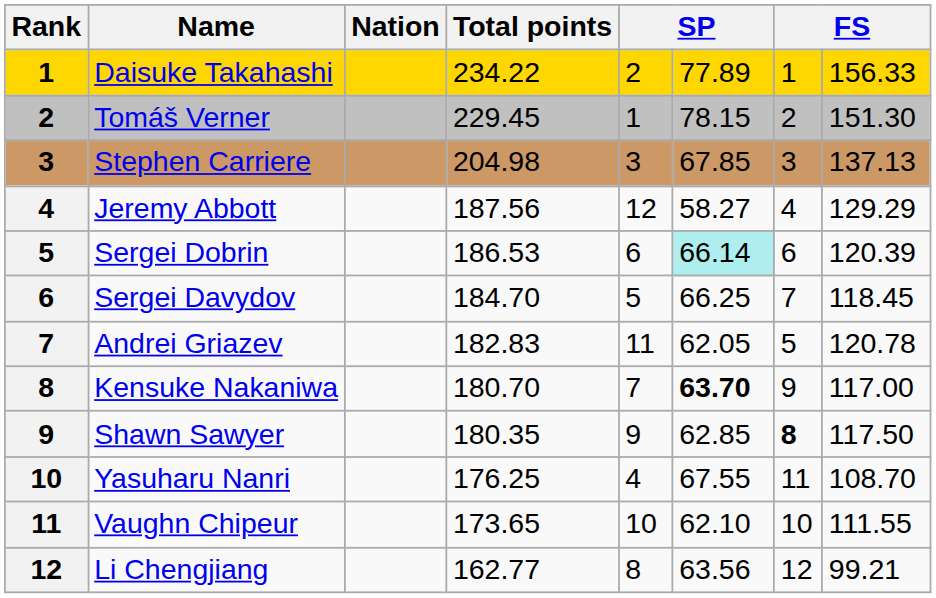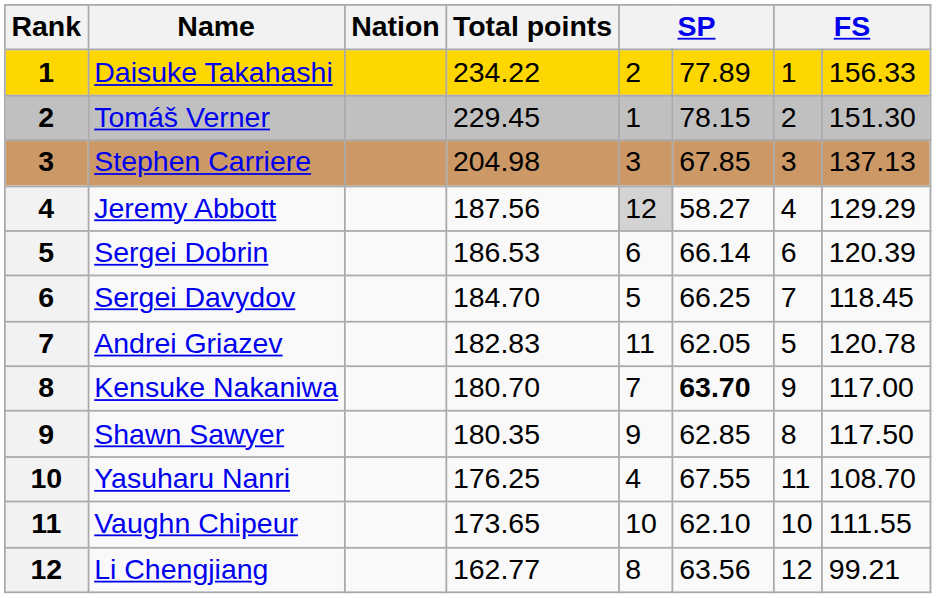 <table class="wikitable">
 <tr>
 <th>Rank</th>
 <th>Name</th>
 <th>Nation</th>
 <th>Total points</th>
 <th colspan="2" width="80px"><a href='#'>SP</a></th>
 <th colspan="2" width="80px"><a href='#'>FS</a></th>
 </tr>
 <tr bgcolor="gold">
 <td align="center"><strong>1</strong></td>
 <td><a href='#'>Daisuke Takahashi</a></td>
 <td></td>
 <td>234.22</td>
 <td>2</td>
 <td>77.89</td>
 <td>1</td>
 <td>156.33</td>
 </tr>
 <tr bgcolor="silver">
 <td align="center"><strong>2</strong></td>
 <td><a href='#'>Tomáš Verner</a></td>
 <td></td>
 <td>229.45</td>
 <td>1</td>
 <td>78.15</td>
 <td>2</td>
 <td>151.30</td>
 </tr>
 <tr bgcolor="cc9966">
 <td align="center"><strong>3</strong></td>
 <td><a href='#'>Stephen Carriere</a></td>
 <td></td>
 <td>204.98</td>
 <td>3</td>
 <td>67.85</td>
 <td>3</td>
 <td>137.13</td>
 </tr>
 <tr>
 <th>4</th>
 <td><a href='#'>Jeremy Abbott</a></td>
 <td></td>
 <td>187.56</td>
-<td>12</td>
+<td style="background: lightgrey;">12</td>
 <td>58.27</td>
 <td>4</td>
 <td>129.29</td>
 </tr>
 <tr>
 <th>5</th>
 <td><a href='#'>Sergei Dobrin</a></td>
 <td></td>
 <td>186.53</td>
 <td>6</td>
-<td style="background: paleturquoise;">66.14</td>
+<td>66.14</td>
 <td>6</td>
 <td>120.39</td>
 </tr>
 <tr>
 <th>6</th>
 <td><a href='#'>Sergei Davydov</a></td>
 <td></td>
 <td>184.70</td>
 <td>5</td>
 <td>66.25</td>
 <td>7</td>
 <td>118.45</td>
 </tr>
 <tr>
 <th>7</th>
 <td><a href='#'>Andrei Griazev</a></td>
 <td></td>
 <td>182.83</td>
 <td>11</td>
 <td>62.05</td>
 <td>5</td>
 <td>120.78</td>
 </tr>
 <tr>
 <th>8</th>
 <td><a href='#'>Kensuke Nakaniwa</a></td>
 <td></td>
 <td>180.70</td>
 <td>7</td>
 <td><strong>63.70</strong></td>
 <td>9</td>
 <td>117.00</td>
 </tr>
 <tr>
 <th>9</th>
 <td><a href='#'>Shawn Sawyer</a></td>
 <td></td>
 <td>180.35</td>
 <td>9</td>
 <td>62.85</td>
-<td><strong>8</strong></td>
+<td>8</td>
 <td>117.50</td>
 </tr>
 <tr>
 <th>10</th>
 <td><a href='#'>Yasuharu Nanri</a></td>
 <td></td>
 <td>176.25</td>
 <td>4</td>
 <td>67.55</td>
 <td>11</td>
 <td>108.70</td>
 </tr>
 <tr>
 <th>11</th>
 <td><a href='#'>Vaughn Chipeur</a></td>
 <td></td>
 <td>173.65</td>
 <td>10</td>
 <td>62.10</td>
 <td>10</td>
 <td>111.55</td>
 </tr>
 <tr>
 <th>12</th>
 <td><a href='#'>Li Chengjiang</a></td>
 <td></td>
 <td>162.77</td>
 <td>8</td>
 <td>63.56</td>
 <td>12</td>
 <td>99.21</td>
 </tr>
 </table>
